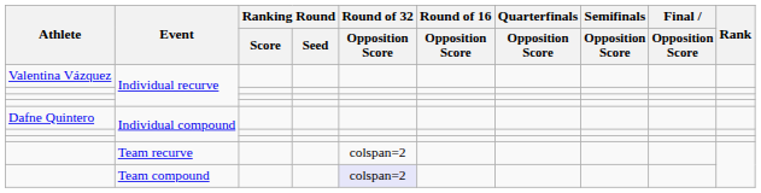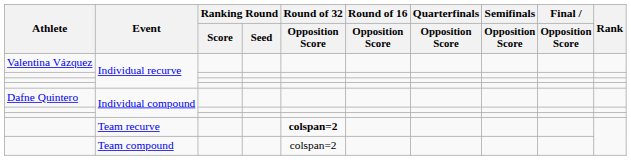 <table class="wikitable" style="font-size:90%">
 <tr>
 <th rowspan="2">Athlete</th>
 <th rowspan="2">Event</th>
 <th colspan="2">Ranking Round</th>
 <th>Round of 32</th>
 <th>Round of 16</th>
 <th>Quarterfinals</th>
 <th>Semifinals</th>
 <th>Final / </th>
 <th rowspan="2">Rank</th>
 </tr>
 <tr style="font-size:95%">
 <th>Score</th>
 <th>Seed</th>
 <th>Opposition<br>Score</th>
 <th>Opposition<br>Score</th>
 <th>Opposition<br>Score</th>
 <th>Opposition<br>Score</th>
 <th>Opposition<br>Score</th>
 </tr>
 <tr align=center>
 <td align=left><a href='#'>Valentina Vázquez</a></td>
 <td align=left rowspan=4><a href='#'>Individual recurve</a></td>
 <td></td>
 <td></td>
 <td></td>
 <td></td>
 <td></td>
 <td></td>
 <td></td>
 <td></td>
 </tr>
 <tr align=center>
 <td align=left></td>
 <td></td>
 <td></td>
 <td></td>
 <td></td>
 <td></td>
 <td></td>
 <td></td>
 <td></td>
 </tr>
 <tr align=center>
 <td align=left></td>
 <td></td>
 <td></td>
 <td></td>
 <td></td>
 <td></td>
 <td></td>
 <td></td>
 <td></td>
 </tr>
 <tr align=center>
 <td align=left></td>
 <td></td>
 <td></td>
 <td></td>
 <td></td>
 <td></td>
 <td></td>
 <td></td>
 <td></td>
 </tr>
 <tr align=center>
 <td align=left><a href='#'>Dafne Quintero</a></td>
 <td align=left rowspan=3><a href='#'>Individual compound</a></td>
 <td></td>
 <td></td>
 <td></td>
 <td></td>
 <td></td>
 <td></td>
 <td></td>
 <td></td>
 </tr>
 <tr align=center>
 <td align=left></td>
 <td></td>
 <td></td>
 <td></td>
 <td></td>
 <td></td>
 <td></td>
 <td></td>
 <td></td>
 </tr>
 <tr align=center>
 <td align=left></td>
 <td></td>
 <td></td>
 <td></td>
 <td></td>
 <td></td>
 <td></td>
 <td></td>
 <td></td>
 </tr>
 <tr align=center>
 <td align=left></td>
 <td align=left><a href='#'>Team recurve</a></td>
 <td></td>
 <td></td>
-<td>colspan=2 </td>
+<td><strong>colspan=2 </strong></td>
 <td></td>
 <td></td>
 <td></td>
 <td></td>
 </tr>
 <tr align=center>
 <td align=left></td>
 <td align=left><a href='#'>Team compound</a></td>
 <td></td>
 <td></td>
-<td style="background: lavender;">colspan=2 </td>
+<td>colspan=2 </td>
 <td></td>
 <td></td>
 <td></td>
 <td></td>
 </tr>
 </table>
